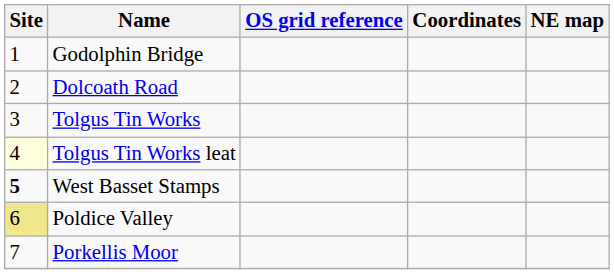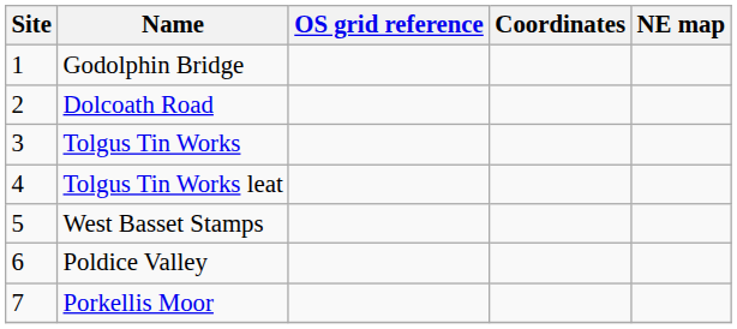 <table class="wikitable">
 <tr>
 <th>Site</th>
 <th>Name</th>
 <th><a href='#'>OS grid reference</a></th>
 <th>Coordinates</th>
 <th>NE map</th>
 </tr>
 <tr class="vcard">
 <td>1</td>
 <td class="fn org">Godolphin Bridge</td>
 <td></td>
 <td></td>
 <td></td>
 </tr>
 <tr class="vcard">
 <td>2</td>
 <td class="fn org"><a href='#'>Dolcoath Road</a></td>
 <td></td>
 <td></td>
 <td></td>
 </tr>
 <tr class="vcard">
 <td>3</td>
 <td class="fn org"><a href='#'>Tolgus Tin Works</a></td>
 <td></td>
 <td></td>
 <td></td>
 </tr>
 <tr class="vcard">
-<td style="background: lightyellow;">4</td>
+<td>4</td>
 <td class="fn org"><a href='#'>Tolgus Tin Works</a> leat</td>
 <td></td>
 <td></td>
 <td></td>
 </tr>
 <tr class="vcard">
-<td><strong>5</strong></td>
+<td>5</td>
 <td class="fn org">West Basset Stamps</td>
 <td></td>
 <td></td>
 <td></td>
 </tr>
 <tr class="vcard">
-<td style="background: khaki;">6</td>
+<td>6</td>
 <td class="fn org">Poldice Valley</td>
 <td></td>
 <td></td>
 <td></td>
 </tr>
 <tr class="vcard">
 <td>7</td>
 <td class="fn org"><a href='#'>Porkellis Moor</a></td>
 <td></td>
 <td></td>
 <td></td>
 </tr>
 <tr>
 </tr>
 </table>
